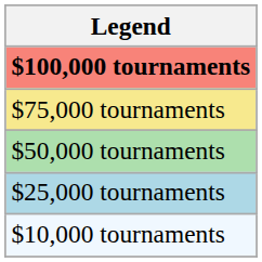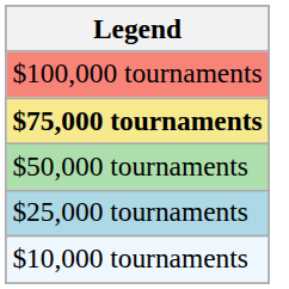 <table class="wikitable" style="font-size:85%">
 <tr>
 <th>Legend</th>
 </tr>
 <tr style="background:#f88379;">
-<td><strong>$100,000 tournaments</strong></td>
+<td>$100,000 tournaments</td>
 </tr>
 <tr style="background:#f7e98e;">
-<td>$75,000 tournaments</td>
+<td><strong>$75,000 tournaments</strong></td>
 </tr>
 <tr style="background:#addfad;">
 <td>$50,000 tournaments</td>
 </tr>
 <tr style="background:lightblue;">
 <td>$25,000 tournaments</td>
 </tr>
 <tr style="background:#f0f8ff;">
 <td>$10,000 tournaments</td>
 </tr>
 </table>
